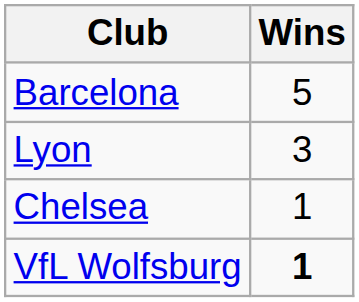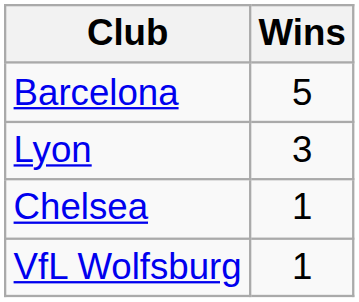 <table class="wikitable">
 <tr>
 <th>Club</th>
 <th>Wins</th>
 </tr>
 <tr>
 <td> <a href='#'>Barcelona</a></td>
 <td align=center>5</td>
 </tr>
 <tr>
 <td> <a href='#'>Lyon</a></td>
 <td align=center>3</td>
 </tr>
 <tr>
 <td> <a href='#'>Chelsea</a></td>
 <td align=center>1</td>
 </tr>
 <tr>
 <td> <a href='#'>VfL Wolfsburg</a></td>
-<td align=center><strong>1</strong></td>
+<td align=center>1</td>
 </tr>
 </table>
